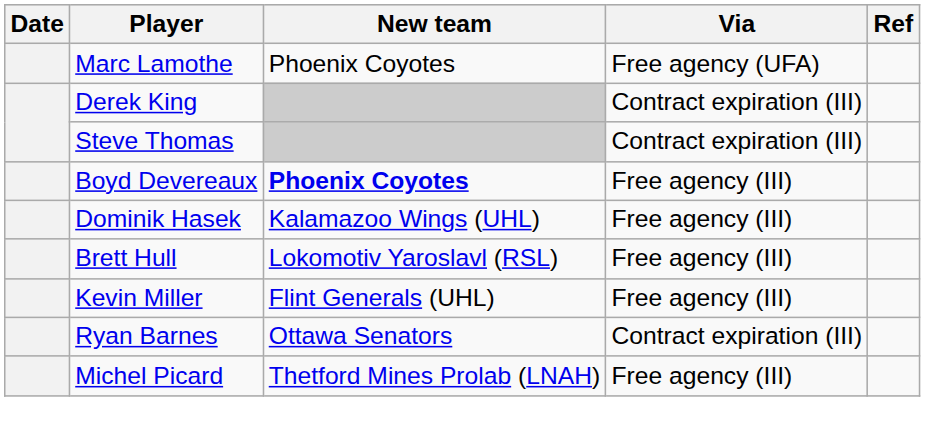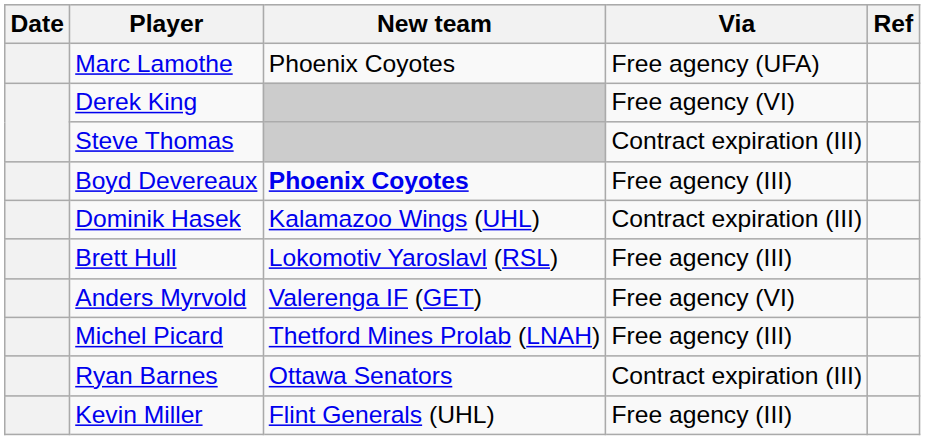 <table class="wikitable plainrowheaders">
 <tr style="background:#ddd; text-align:center;">
 <th>Date</th>
 <th>Player</th>
 <th>New team</th>
 <th>Via</th>
 <th>Ref</th>
 </tr>
 <tr>
 <th scope="row"></th>
 <td><a href='#'>Marc Lamothe</a></td>
 <td>Phoenix Coyotes</td>
 <td>Free agency (UFA)</td>
 <td></td>
 </tr>
 <tr>
 <th scope="row" rowspan=2></th>
 <td><a href='#'>Derek King</a></td>
 <td style="background:#ccc"></td>
-<td>Contract expiration (III)</td>
+<td>Free agency (VI)</td>
 <td></td>
 </tr>
 <tr>
 <td><a href='#'>Steve Thomas</a></td>
 <td style="background:#ccc"></td>
 <td>Contract expiration (III)</td>
 <td></td>
 </tr>
 <tr>
 <th scope="row"></th>
 <td><a href='#'>Boyd Devereaux</a></td>
 <td><strong><a href='#'>Phoenix Coyotes</a></strong></td>
 <td>Free agency (III)</td>
 <td></td>
 </tr>
 <tr>
 <th scope="row"></th>
 <td><a href='#'>Dominik Hasek</a></td>
 <td><a href='#'>Kalamazoo Wings</a> (<a href='#'>UHL</a>)</td>
-<td>Free agency (III)</td>
+<td>Contract expiration (III)</td>
 <td></td>
 </tr>
 <tr>
 <th scope="row"></th>
 <td><a href='#'>Brett Hull</a></td>
 <td><a href='#'>Lokomotiv Yaroslavl</a> (<a href='#'>RSL</a>)</td>
 <td>Free agency (III)</td>
 <td></td>
 </tr>
 <tr>
 <th scope="row"></th>
-<td><a href='#'>Kevin Miller</a></td>
-<td><a href='#'>Flint Generals</a> (UHL)</td>
+<td><a href='#'>Anders Myrvold</a></td>
+<td><a href='#'>Valerenga IF</a> (<a href='#'>GET</a>)</td>
+<td>Free agency (VI)</td>
+<td></td>
+</tr>
+<tr>
+<th scope="row"></th>
+<td><a href='#'>Michel Picard</a></td>
+<td><a href='#'>Thetford Mines Prolab</a> (<a href='#'>LNAH</a>)</td>
 <td>Free agency (III)</td>
 <td></td>
 </tr>
 <tr>
 <th scope="row"></th>
 <td><a href='#'>Ryan Barnes</a></td>
 <td><a href='#'>Ottawa Senators</a></td>
 <td>Contract expiration (III)</td>
 <td></td>
 </tr>
 <tr>
 <th scope="row"></th>
-<td><a href='#'>Michel Picard</a></td>
-<td><a href='#'>Thetford Mines Prolab</a> (<a href='#'>LNAH</a>)</td>
+<td><a href='#'>Kevin Miller</a></td>
+<td><a href='#'>Flint Generals</a> (UHL)</td>
 <td>Free agency (III)</td>
 <td></td>
 </tr>
 </table>
